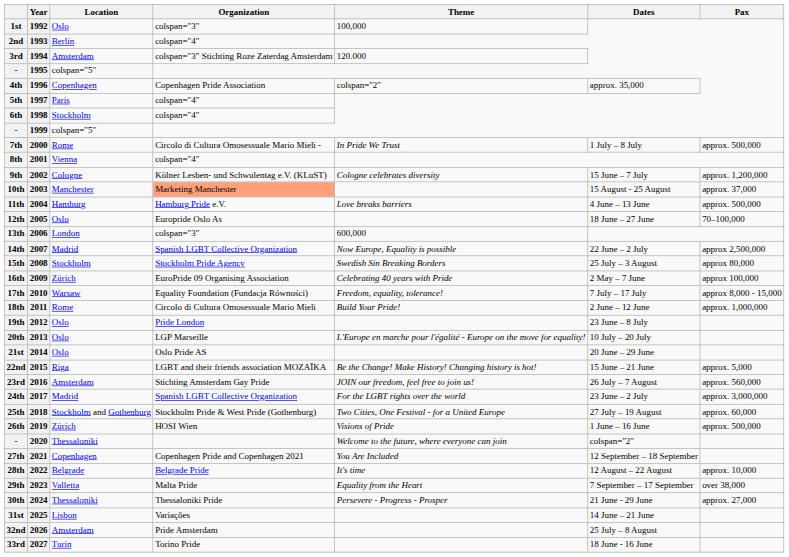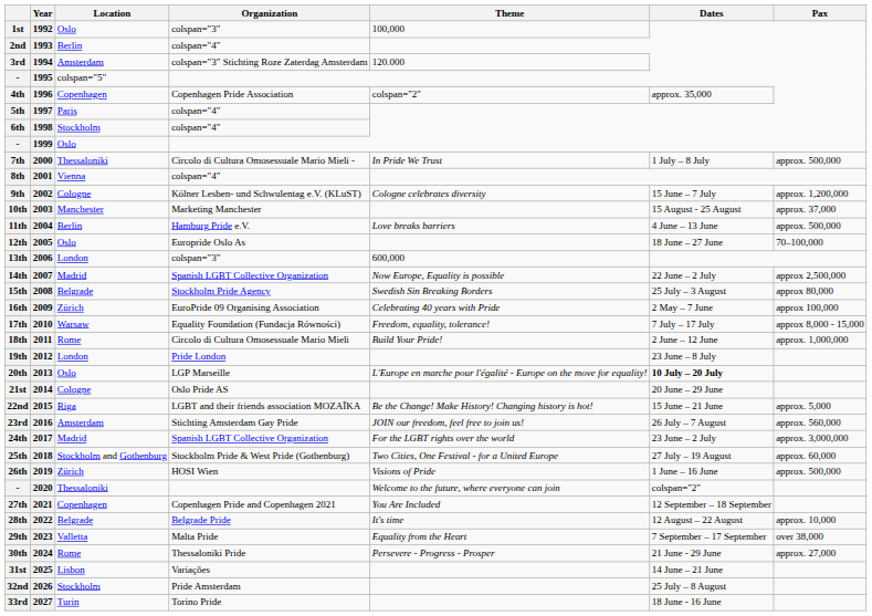 <table class="sortable wikitable" style="font-size:85%">
 <tr>
 <th></th>
 <th>Year</th>
 <th>Location</th>
 <th>Organization</th>
 <th>Theme</th>
 <th>Dates</th>
 <th>Pax</th>
 </tr>
 <tr>
 <th>1st</th>
 <th>1992</th>
 <td> <a href='#'>Oslo</a></td>
 <td>colspan="3" </td>
 <td>100,000</td>
 </tr>
 <tr>
 <th>2nd</th>
 <th>1993</th>
 <td> <a href='#'>Berlin</a></td>
 <td>colspan="4" </td>
 </tr>
 <tr>
 <th>3rd</th>
 <th>1994</th>
 <td> <a href='#'>Amsterdam</a></td>
 <td>colspan="3" Stichting Roze Zaterdag Amsterdam</td>
 <td> 120.000</td>
 </tr>
 <tr>
 <th>-</th>
 <th>1995</th>
 <td>colspan="5" </td>
 </tr>
 <tr>
 <th>4th</th>
 <th>1996</th>
 <td> <a href='#'>Copenhagen</a></td>
 <td>Copenhagen Pride Association</td>
 <td>colspan="2" </td>
 <td>approx. 35,000</td>
 </tr>
 <tr>
 <th>5th</th>
 <th>1997</th>
 <td> <a href='#'>Paris</a></td>
 <td>colspan="4" </td>
 </tr>
 <tr>
 <th>6th</th>
 <th>1998</th>
 <td> <a href='#'>Stockholm</a></td>
 <td>colspan="4" </td>
 </tr>
 <tr>
 <th>-</th>
 <th>1999</th>
-<td>colspan="5" </td>
+<td> <a href='#'>Oslo</a></td>
 </tr>
 <tr>
 <th>7th</th>
 <th>2000</th>
-<td> <a href='#'>Rome</a></td>
+<td> <a href='#'>Thessaloniki</a></td>
 <td>Circolo di Cultura Omosessuale Mario Mieli - </td>
 <td><em>In Pride We Trust</em></td>
 <td>1 July – 8 July</td>
 <td>approx. 500,000</td>
 </tr>
 <tr>
 <th>8th</th>
 <th>2001</th>
 <td> <a href='#'>Vienna</a></td>
 <td>colspan="4" </td>
 </tr>
 <tr>
 <th>9th</th>
 <th>2002</th>
 <td> <a href='#'>Cologne</a></td>
 <td>Kölner Lesben- und Schwulentag e.V. (KLuST)</td>
 <td><em>Cologne celebrates diversity</em></td>
 <td>15 June – 7 July</td>
 <td>approx. 1,200,000</td>
 </tr>
 <tr>
 <th>10th</th>
 <th>2003</th>
 <td> <a href='#'>Manchester</a></td>
-<td style="background: lightsalmon;">Marketing Manchester</td>
+<td>Marketing Manchester</td>
 <td></td>
 <td>15 August - 25 August</td>
 <td>approx. 37,000 </td>
 </tr>
 <tr>
 <th>11th</th>
 <th>2004</th>
-<td> <a href='#'>Hamburg</a></td>
+<td> <a href='#'>Berlin</a></td>
 <td><a href='#'>Hamburg Pride</a> e.V.</td>
 <td><em>Love breaks barriers</em></td>
 <td>4 June – 13 June</td>
 <td>approx. 500,000</td>
 </tr>
 <tr>
 <th>12th</th>
 <th>2005</th>
 <td> <a href='#'>Oslo</a></td>
 <td>Europride Oslo As</td>
 <td></td>
 <td>18 June – 27 June</td>
 <td>70–100,000</td>
 </tr>
 <tr>
 <th>13th</th>
 <th>2006</th>
 <td> <a href='#'>London</a></td>
 <td>colspan="3" </td>
 <td>600,000</td>
 </tr>
 <tr>
 <th>14th</th>
 <th>2007</th>
 <td> <a href='#'>Madrid</a></td>
 <td><a href='#'>Spanish LGBT Collective Organization</a></td>
 <td><em>Now Europe, Equality is possible</em></td>
 <td>22 June – 2 July</td>
 <td>approx 2,500,000</td>
 </tr>
 <tr>
 <th>15th</th>
 <th>2008</th>
-<td> <a href='#'>Stockholm</a></td>
+<td> <a href='#'>Belgrade</a></td>
 <td><a href='#'>Stockholm Pride Agency</a></td>
 <td><em>Swedish Sin Breaking Borders</em></td>
 <td>25 July – 3 August</td>
 <td>approx    80,000</td>
 </tr>
 <tr>
 <th>16th</th>
 <th>2009</th>
 <td> <a href='#'>Zürich</a></td>
 <td>EuroPride 09 Organising Association</td>
 <td><em>Celebrating 40 years with Pride</em></td>
 <td>2 May – 7 June</td>
 <td>approx 100,000</td>
 </tr>
 <tr>
 <th>17th</th>
 <th>2010</th>
 <td> <a href='#'>Warsaw</a></td>
 <td>Equality Foundation (Fundacja Równości)</td>
 <td><em>Freedom, equality, tolerance!</em></td>
 <td>7 July – 17 July</td>
 <td>approx 8,000 - 15,000</td>
 </tr>
 <tr>
 <th>18th</th>
 <th>2011</th>
 <td> <a href='#'>Rome</a></td>
 <td>Circolo di Cultura Omosessuale Mario Mieli</td>
 <td><em>Build Your Pride!</em></td>
 <td>2 June – 12 June</td>
 <td>approx. 1,000,000</td>
 </tr>
 <tr>
 <th>19th</th>
 <th>2012</th>
-<td> <a href='#'>Oslo</a></td>
+<td> <a href='#'>London</a></td>
 <td><a href='#'>Pride London</a></td>
 <td></td>
 <td>23 June – 8 July</td>
 <td></td>
 </tr>
 <tr>
 <th>20th</th>
 <th>2013</th>
 <td> <a href='#'>Oslo</a></td>
 <td>LGP Marseille</td>
 <td><em>L'Europe en marche pour l'égalité - Europe on the move for equality!</em></td>
-<td>10 July – 20 July</td>
+<td><strong>10 July – 20 July</strong></td>
 <td></td>
 </tr>
 <tr>
 <th>21st</th>
 <th>2014</th>
-<td> <a href='#'>Oslo</a></td>
+<td> <a href='#'>Cologne</a></td>
 <td>Oslo Pride AS</td>
 <td></td>
 <td>20 June – 29 June</td>
 <td></td>
 </tr>
 <tr>
 <th>22nd</th>
 <th>2015</th>
 <td> <a href='#'>Riga</a></td>
 <td>LGBT and their friends association MOZAĪKA</td>
 <td><em>Be the Change! Make History! Changing history is hot!</em></td>
 <td>15 June – 21 June</td>
 <td>approx. 5,000</td>
 </tr>
 <tr>
 <th>23rd</th>
 <th>2016</th>
 <td> <a href='#'>Amsterdam</a></td>
 <td>Stichting Amsterdam Gay Pride</td>
 <td><em>JOIN our freedom, feel free to join us!</em></td>
 <td>26 July – 7 August</td>
 <td>approx. 560,000</td>
 </tr>
 <tr>
 <th>24th</th>
 <th>2017</th>
 <td> <a href='#'>Madrid</a></td>
 <td><a href='#'>Spanish LGBT Collective Organization</a></td>
 <td><em>For the LGBT rights over the world</em></td>
 <td>23 June – 2 July</td>
 <td>approx. 3,000,000</td>
 </tr>
 <tr>
 <th>25th</th>
 <th>2018</th>
 <td> <a href='#'>Stockholm</a> and <a href='#'>Gothenburg</a></td>
 <td>Stockholm Pride & West Pride (Gothenburg)</td>
 <td><em>Two Cities, One Festival - for a United Europe</em></td>
 <td>27 July – 19 August</td>
 <td>approx. 60,000</td>
 </tr>
 <tr>
 <th>26th</th>
 <th>2019</th>
 <td> <a href='#'>Zürich</a></td>
 <td>HOSI Wien</td>
 <td><em>Visions of Pride</em></td>
 <td>1 June – 16 June</td>
 <td>approx. 500,000</td>
 </tr>
 <tr>
 <th>-</th>
 <th>2020</th>
 <td> <a href='#'>Thessaloniki</a></td>
 <td></td>
 <td><em>Welcome to the future, where everyone can join</em></td>
 <td>colspan="2" </td>
 </tr>
 <tr>
 <th>27th</th>
 <th>2021</th>
 <td> <a href='#'>Copenhagen</a></td>
 <td>Copenhagen Pride and Copenhagen 2021</td>
 <td><em>You Are Included</em></td>
 <td>12 September – 18 September</td>
 <td></td>
 </tr>
 <tr>
 <th>28th</th>
 <th>2022</th>
 <td> <a href='#'>Belgrade</a></td>
 <td><a href='#'>Belgrade Pride</a></td>
 <td><em>It's time</em></td>
 <td>12 August – 22 August</td>
 <td>approx. 10,000</td>
 </tr>
 <tr>
 <th>29th</th>
 <th>2023</th>
 <td> <a href='#'>Valletta</a></td>
 <td>Malta Pride</td>
 <td><em>Equality from the Heart</em></td>
 <td>7 September – 17 September</td>
 <td>over 38,000</td>
 </tr>
 <tr>
 <th>30th</th>
 <th>2024</th>
-<td> <a href='#'>Thessaloniki</a></td>
+<td> <a href='#'>Rome</a></td>
 <td>Thessaloniki Pride</td>
 <td><em>Persevere - Progress - Prosper</em></td>
 <td>21 June - 29 June</td>
 <td>approx. 27,000</td>
 </tr>
 <tr>
 <th>31st</th>
 <th>2025</th>
 <td> <a href='#'>Lisbon</a></td>
 <td>Variações</td>
 <td></td>
 <td>14 June – 21 June</td>
 <td></td>
 </tr>
 <tr>
 <th>32nd</th>
 <th>2026</th>
-<td> <a href='#'>Amsterdam</a></td>
+<td> <a href='#'>Stockholm</a></td>
 <td>Pride Amsterdam</td>
 <td></td>
 <td>25 July – 8 August</td>
 <td></td>
 </tr>
 <tr>
 <th>33rd</th>
 <th>2027</th>
 <td> <a href='#'>Turin</a></td>
 <td>Torino Pride</td>
 <td></td>
 <td>18 June - 16 June</td>
 <td></td>
 </tr>
 </table>
